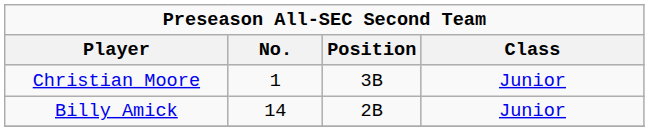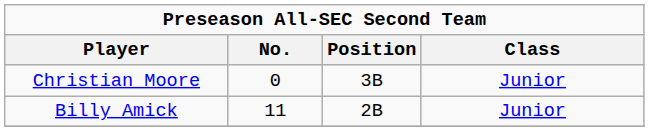 <table class="wikitable" style="text-align:center">
 <tr>
 <td colspan="5"><strong>Preseason All-SEC Second Team</strong></td>
 </tr>
 <tr>
 <th style="width:150px; ">Player</th>
 <th style="width:60px; ">No.</th>
 <th style="width:60px; ">Position</th>
 <th style="width:150px; ">Class</th>
 </tr>
 <tr>
 <td><a href='#'>Christian Moore</a></td>
-<td>1</td>
+<td>0</td>
 <td>3B</td>
 <td><a href='#'>Junior</a></td>
 </tr>
 <tr>
 <td><a href='#'>Billy Amick</a></td>
-<td>14</td>
+<td>11</td>
 <td>2B</td>
 <td><a href='#'>Junior</a></td>
 </tr>
 <tr>
 </tr>
 </table>
